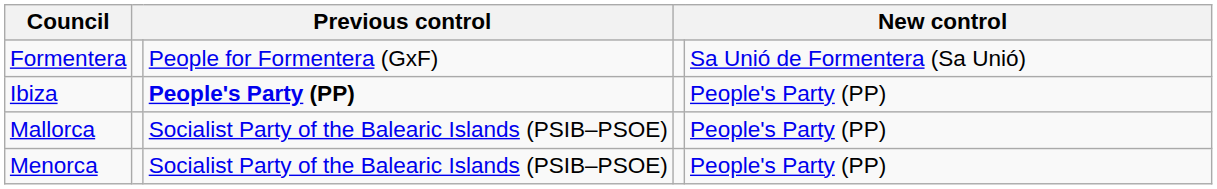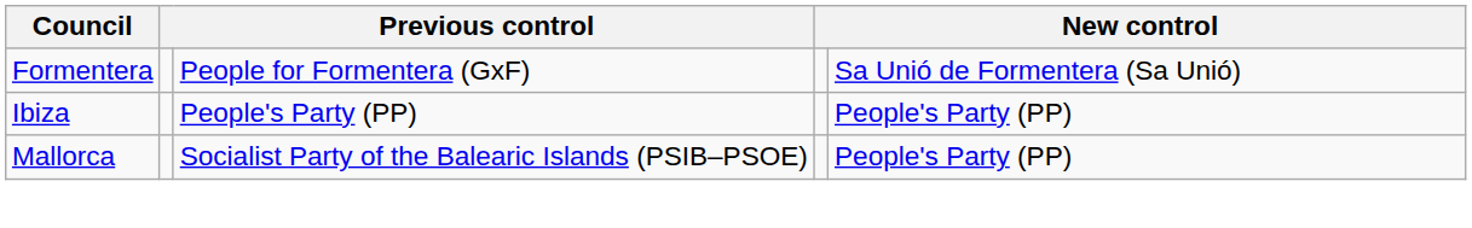 <table class="wikitable sortable">
 <tr>
 <th>Council</th>
 <th colspan="2" style="width:375px;">Previous control</th>
 <th colspan="2" style="width:375px;">New control</th>
 </tr>
 <tr>
 <td><a href='#'>Formentera</a></td>
 <td width="1" style="color:inherit;background:"></td>
 <td><a href='#'>People for Formentera</a> (GxF)</td>
 <td width="1" style="color:inherit;background:"></td>
 <td><a href='#'>Sa Unió de Formentera</a> (Sa Unió) </td>
 </tr>
 <tr>
 <td><a href='#'>Ibiza</a></td>
 <td style="color:inherit;background:"></td>
-<td><strong><a href='#'>People's Party</a> (PP)</strong></td>
+<td><a href='#'>People's Party</a> (PP)</td>
 <td style="color:inherit;background:"></td>
 <td><a href='#'>People's Party</a> (PP)</td>
 </tr>
 <tr>
 <td><a href='#'>Mallorca</a></td>
 <td style="color:inherit;background:"></td>
 <td><a href='#'>Socialist Party of the Balearic Islands</a> (PSIB–PSOE)</td>
 <td style="color:inherit;background:"></td>
 <td><a href='#'>People's Party</a> (PP)</td>
 </tr>
-<tr>
-<td><a href='#'>Menorca</a></td>
-<td style="color:inherit;background:"></td>
-<td><a href='#'>Socialist Party of the Balearic Islands</a> (PSIB–PSOE)</td>
-<td style="color:inherit;background:"></td>
-<td><a href='#'>People's Party</a> (PP)</td>
-</tr>
 </table>
